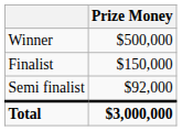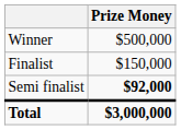 <table class="wikitable sortable">
 <tr>
 <th></th>
 <th>Prize Money</th>
 </tr>
 <tr>
 <td>Winner</td>
 <td style="text-align:right">$500,000</td>
 </tr>
 <tr>
 <td>Finalist</td>
 <td style="text-align:right">$150,000</td>
 </tr>
 <tr>
 <td>Semi finalist</td>
-<td style="text-align:right">$92,000</td>
+<td style="text-align:right"><strong>$92,000</strong></td>
 </tr>
 <tr>
 <td style="border-top:medium solid"><strong>Total</strong></td>
 <td style="border-top:medium solid; text-align:right"><strong>$3,000,000</strong></td>
 </tr>
 </table>
